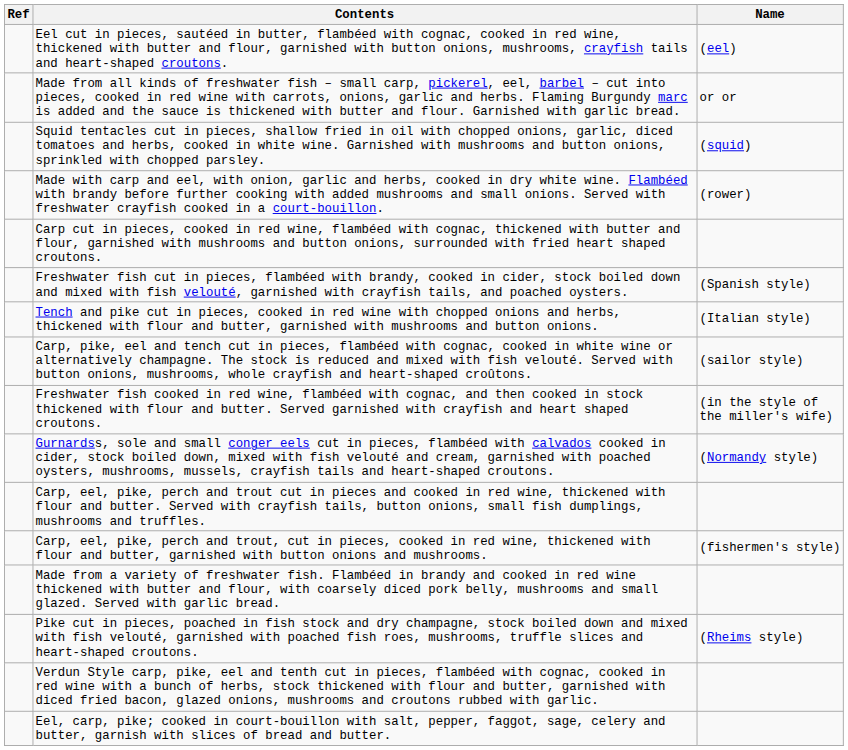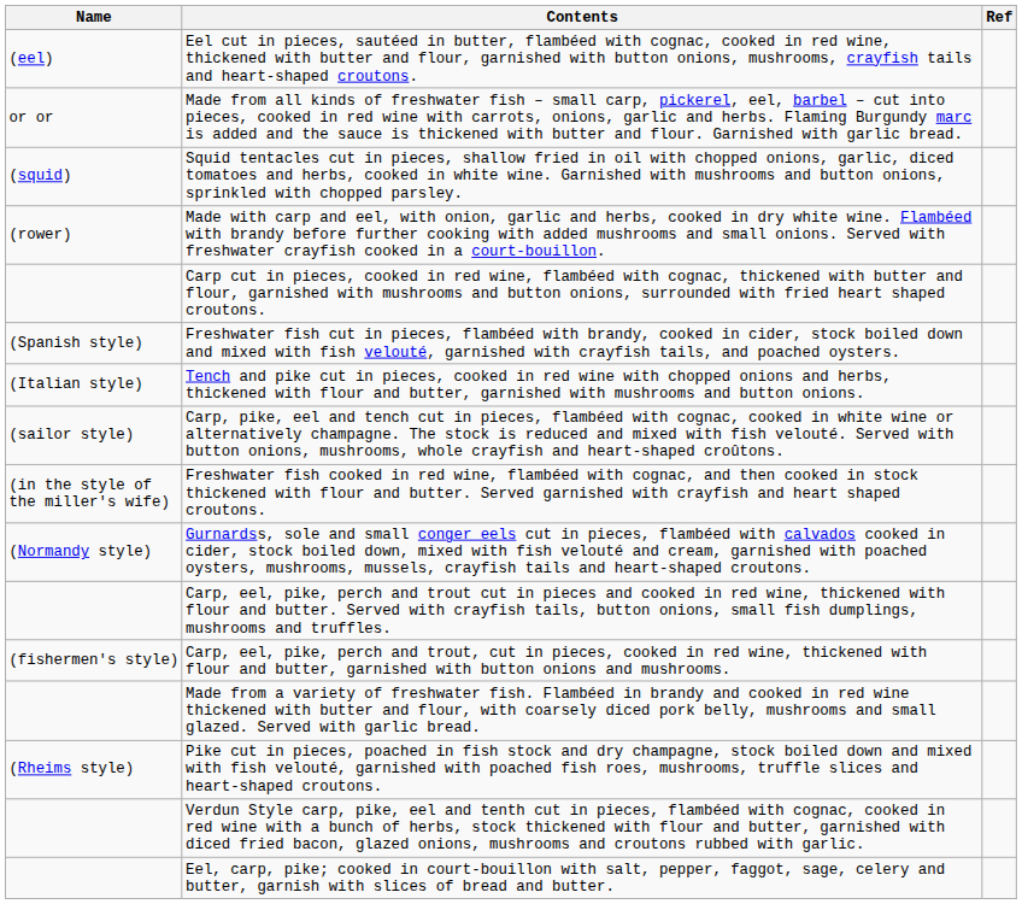 <table class="wikitable plainrowheaders" style="text-align: left; margin-right: 0;">
 <tr>
+<th scope="col">Name</th>
+<th scope="col">Contents</th>
 <th scope="col">Ref</th>
-<th scope="col">Contents</th>
-<th scope="col">Name</th>
 </tr>
 <tr>
+<td> (<a href='#'>eel</a>)</td>
+<td>Eel cut in pieces, sautéed in butter, flambéed with cognac, cooked in red wine, thickened with butter and flour, garnished with button onions, mushrooms, <a href='#'>crayfish</a> tails and heart-shaped <a href='#'>croutons</a>.</td>
 <td></td>
-<td>Eel cut in pieces, sautéed in butter, flambéed with cognac, cooked in red wine, thickened with butter and flour, garnished with button onions, mushrooms, <a href='#'>crayfish</a> tails and heart-shaped <a href='#'>croutons</a>.</td>
-<td> (<a href='#'>eel</a>)</td>
 </tr>
 <tr>
+<td> or  or </td>
+<td>Made from all kinds of freshwater fish – small carp, <a href='#'>pickerel</a>, eel, <a href='#'>barbel</a> – cut into pieces, cooked in red wine with carrots, onions, garlic and herbs. Flaming Burgundy <a href='#'>marc</a> is added and the sauce is thickened with butter and flour. Garnished with garlic bread.</td>
 <td></td>
-<td>Made from all kinds of freshwater fish – small carp, <a href='#'>pickerel</a>, eel, <a href='#'>barbel</a> – cut into pieces, cooked in red wine with carrots, onions, garlic and herbs. Flaming Burgundy <a href='#'>marc</a> is added and the sauce is thickened with butter and flour. Garnished with garlic bread.</td>
-<td> or  or </td>
 </tr>
 <tr>
+<td> (<a href='#'>squid</a>) </td>
+<td>Squid tentacles cut in pieces, shallow fried in oil with chopped onions, garlic, diced tomatoes and herbs, cooked in white wine. Garnished with mushrooms and button onions, sprinkled with chopped parsley.</td>
 <td></td>
-<td>Squid tentacles cut in pieces, shallow fried in oil with chopped onions, garlic, diced tomatoes and herbs, cooked in white wine. Garnished with mushrooms and button onions, sprinkled with chopped parsley.</td>
-<td> (<a href='#'>squid</a>) </td>
 </tr>
 <tr>
+<td> (rower)</td>
+<td>Made with carp and eel, with onion, garlic and herbs, cooked in dry white wine. <a href='#'>Flambéed</a> with brandy before further cooking with added mushrooms and small onions. Served with freshwater crayfish cooked in a <a href='#'>court-bouillon</a>.</td>
 <td></td>
-<td>Made with carp and eel, with onion, garlic and herbs, cooked in dry white wine. <a href='#'>Flambéed</a> with brandy before further cooking with added mushrooms and small onions. Served with freshwater crayfish cooked in a <a href='#'>court-bouillon</a>.</td>
-<td> (rower)</td>
 </tr>
 <tr>
 <td></td>
 <td>Carp cut in pieces, cooked in red wine, flambéed with cognac, thickened with butter and flour, garnished with mushrooms and button onions, surrounded with fried heart shaped croutons.</td>
 <td></td>
 </tr>
 <tr>
+<td> (Spanish style)</td>
+<td>Freshwater fish cut in pieces, flambéed with brandy, cooked in cider, stock boiled down and mixed with fish <a href='#'>velouté</a>, garnished with crayfish tails, and poached oysters.</td>
 <td></td>
-<td>Freshwater fish cut in pieces, flambéed with brandy, cooked in cider, stock boiled down and mixed with fish <a href='#'>velouté</a>, garnished with crayfish tails, and poached oysters.</td>
-<td> (Spanish style)</td>
 </tr>
 <tr>
+<td> (Italian style)</td>
+<td><a href='#'>Tench</a> and pike cut in pieces, cooked in red wine with chopped onions and herbs, thickened with flour and butter, garnished with mushrooms and button onions.</td>
 <td></td>
-<td><a href='#'>Tench</a> and pike cut in pieces, cooked in red wine with chopped onions and herbs, thickened with flour and butter, garnished with mushrooms and button onions.</td>
-<td> (Italian style)</td>
 </tr>
 <tr>
+<td> (sailor style)</td>
+<td>Carp, pike, eel and tench cut in pieces, flambéed with cognac, cooked in white wine or alternatively champagne. The stock is reduced and mixed with fish velouté. Served with button onions, mushrooms, whole crayfish and heart-shaped croûtons.</td>
 <td></td>
-<td>Carp, pike, eel and tench cut in pieces, flambéed with cognac, cooked in white wine or alternatively champagne. The stock is reduced and mixed with fish velouté. Served with button onions, mushrooms, whole crayfish and heart-shaped croûtons.</td>
-<td> (sailor style)</td>
 </tr>
 <tr>
+<td> (in the style of the miller's wife)</td>
+<td>Freshwater fish cooked in red wine, flambéed with cognac, and then cooked in stock thickened with flour and butter. Served garnished with crayfish and heart shaped croutons.</td>
 <td></td>
-<td>Freshwater fish cooked in red wine, flambéed with cognac, and then cooked in stock thickened with flour and butter. Served garnished with crayfish and heart shaped croutons.</td>
-<td> (in the style of the miller's wife)</td>
 </tr>
 <tr>
+<td> (<a href='#'>Normandy</a> style)</td>
+<td><a href='#'>Gurnards</a>s, sole and small <a href='#'>conger eels</a> cut in pieces, flambéed with <a href='#'>calvados</a> cooked in cider, stock boiled down, mixed with fish velouté and cream, garnished with poached oysters, mushrooms, mussels, crayfish tails and heart-shaped croutons.</td>
 <td></td>
-<td><a href='#'>Gurnards</a>s, sole and small <a href='#'>conger eels</a> cut in pieces, flambéed with <a href='#'>calvados</a> cooked in cider, stock boiled down, mixed with fish velouté and cream, garnished with poached oysters, mushrooms, mussels, crayfish tails and heart-shaped croutons.</td>
-<td> (<a href='#'>Normandy</a> style)</td>
 </tr>
 <tr>
 <td></td>
 <td>Carp, eel, pike, perch and trout cut in pieces and cooked in red wine, thickened with flour and butter. Served with crayfish tails, button onions, small fish dumplings, mushrooms and truffles.</td>
 <td></td>
 </tr>
 <tr>
+<td> (fishermen's style)</td>
+<td>Carp, eel, pike, perch and trout, cut in pieces, cooked in red wine, thickened with flour and butter, garnished with button onions and mushrooms.</td>
 <td></td>
-<td>Carp, eel, pike, perch and trout, cut in pieces, cooked in red wine, thickened with flour and butter, garnished with button onions and mushrooms.</td>
-<td> (fishermen's style)</td>
 </tr>
 <tr>
 <td></td>
 <td>Made from a variety of freshwater fish. Flambéed in brandy and cooked in red wine thickened with butter and flour, with coarsely diced pork belly, mushrooms and small glazed. Served with garlic bread.</td>
 <td></td>
 </tr>
 <tr>
+<td> (<a href='#'>Rheims</a> style)</td>
+<td>Pike cut in pieces, poached in fish stock and dry champagne, stock boiled down and mixed with fish velouté, garnished with poached fish roes, mushrooms, truffle slices and heart-shaped croutons.</td>
 <td></td>
-<td>Pike cut in pieces, poached in fish stock and dry champagne, stock boiled down and mixed with fish velouté, garnished with poached fish roes, mushrooms, truffle slices and heart-shaped croutons.</td>
-<td> (<a href='#'>Rheims</a> style)</td>
 </tr>
 <tr>
 <td></td>
 <td>Verdun Style carp, pike, eel and tenth cut in pieces, flambéed with cognac, cooked in red wine with a bunch of herbs, stock thickened with flour and butter, garnished with diced fried bacon, glazed onions, mushrooms and croutons rubbed with garlic.</td>
 <td></td>
 </tr>
 <tr>
 <td></td>
 <td>Eel, carp, pike; cooked in court-bouillon with salt, pepper, faggot, sage, celery and butter, garnish with slices of bread and butter.</td>
 <td></td>
 </tr>
 </table>
